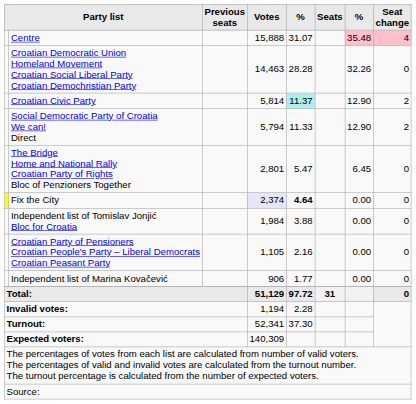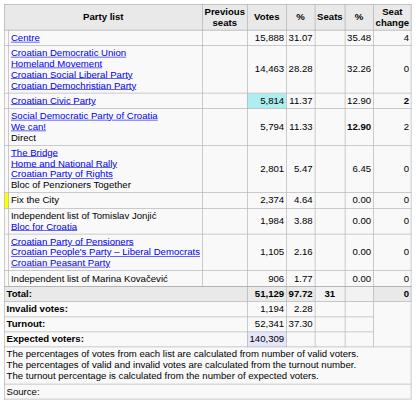 <table class="wikitable" border="1">
 <tr style="background-color:#C9C9C9">
 <th colspan="2" align="center" style="background-color:#E9E9E9">Party list</th>
 <th align="center" style="background-color:#E9E9E9">Previous<br>seats</th>
 <th align="center" style="background-color:#E9E9E9">Votes</th>
 <th align="center" style="background-color:#E9E9E9">%</th>
 <th align="center" style="background-color:#E9E9E9">Seats</th>
 <th align="center" style="background-color:#E9E9E9">%</th>
 <th align="center" style="background-color:#E9E9E9">Seat<br>change</th>
 </tr>
 <tr>
 <td></td>
 <td align="left"><a href='#'>Centre</a></td>
 <td align="left"></td>
 <td align="right">15,888</td>
 <td align="right">31.07</td>
 <td align="left"></td>
-<td align="right" style="background: pink;">35.48</td>
-<td align="right" style="background: pink;"> 4</td>
+<td align="right">35.48</td>
+<td align="right"> 4</td>
 </tr>
 <tr>
 <td></td>
 <td align="left"><a href='#'>Croatian Democratic Union</a> <br> <a href='#'>Homeland Movement</a> <br><a href='#'>Croatian Social Liberal Party</a> <br> <a href='#'>Croatian Demochristian Party</a></td>
 <td align="left"></td>
 <td align="right">14,463</td>
 <td align="right">28.28</td>
 <td align="left"></td>
 <td align="right">32.26</td>
 <td align="right"> 0</td>
 </tr>
 <tr>
 <td></td>
 <td align="left"><a href='#'>Croatian Civic Party</a></td>
 <td align="left"></td>
-<td align="right">5,814</td>
-<td align="right" style="background: paleturquoise;">11.37</td>
+<td align="right" style="background: paleturquoise;">5,814</td>
+<td align="right">11.37</td>
 <td align="left"></td>
 <td align="right">12.90</td>
-<td align="right"> 2</td>
+<td align="right"><strong> 2</strong></td>
 </tr>
 <tr>
 <td></td>
 <td align="left"><a href='#'>Social Democratic Party of Croatia</a> <br> <a href='#'>We can!</a> <br> Direct</td>
 <td align="left"></td>
 <td align="right">5,794</td>
 <td align="right">11.33</td>
 <td align="left"></td>
-<td align="right">12.90</td>
+<td align="right"><strong>12.90</strong></td>
 <td align="right"> 2</td>
 </tr>
 <tr>
 <td></td>
 <td align="left"><a href='#'>The Bridge</a> <br> <a href='#'>Home and National Rally</a> <br> <a href='#'>Croatian Party of Rights</a> <br> Bloc of Penzioners Together</td>
 <td align="left"></td>
 <td align="right">2,801</td>
 <td align="right">5.47</td>
 <td align="left"></td>
 <td align="right">6.45</td>
 <td align="right"> 0</td>
 </tr>
 <tr>
 <td bgcolor="yellow"></td>
 <td align="left">Fix the City</td>
 <td align="left"></td>
-<td align="right" style="background: lavender;">2,374</td>
-<td align="right"><strong>4.64</strong></td>
+<td align="right">2,374</td>
+<td align="right">4.64</td>
 <td align="left"></td>
 <td align="right">0.00</td>
 <td align="right"> 0</td>
 </tr>
 <tr>
 <td></td>
 <td align="left">Independent list of Tomislav Jonjić <br> <a href='#'>Bloc for Croatia</a></td>
 <td align="left"></td>
 <td align="right">1,984</td>
 <td align="right">3.88</td>
 <td align="left"></td>
 <td align="right">0.00</td>
 <td align="right"> 0</td>
 </tr>
 <tr>
 <td></td>
 <td align="left"><a href='#'>Croatian Party of Pensioners</a> <br> <a href='#'>Croatian People's Party – Liberal Democrats</a> <br><a href='#'>Croatian Peasant Party</a></td>
 <td align="left"></td>
 <td align="right">1,105</td>
 <td align="right">2.16</td>
 <td align="left"></td>
 <td align="right">0.00</td>
 <td align="right"> 0</td>
 </tr>
 <tr>
 <td></td>
 <td align="left">Independent list of Marina Kovačević</td>
 <td align="left"></td>
 <td align="right">906</td>
 <td align="right">1.77</td>
 <td align="left"></td>
 <td align="right">0.00</td>
 <td align="right"> 0</td>
 </tr>
 <tr>
 </tr>
 <tr style="background-color:#E9E9E9">
 <td colspan="3" align="left"><strong>Total:</strong></td>
 <td align="right"><strong>51,129</strong></td>
 <td align="right"><strong>97.72</strong></td>
 <th align="right">31</th>
 <th align="right"></th>
 <td align="right"> <strong>0</strong></td>
 </tr>
 <tr>
 <td colspan="3" align="left"><strong>Invalid votes:</strong></td>
 <td align="right">1,194</td>
 <td align="right">2.28</td>
 <td align="right"></td>
 <td align="right"></td>
 </tr>
 <tr>
 <td colspan="3" align="left"><strong>Turnout:</strong></td>
 <td align="right">52,341</td>
 <td align="right">37.30</td>
 <td align="right"></td>
 <td align="right"></td>
 </tr>
 <tr>
 <td colspan="3" align="left"><strong>Expected voters:</strong></td>
-<td align="right">140,309</td>
+<td align="right" style="background: lavender;">140,309</td>
 <td align="right"></td>
 <td align="right"></td>
 <td align="right"></td>
 </tr>
 <tr>
 <td colspan="8" align="left">The percentages of votes from each list are calculated from number of valid voters. <br> The percentages of valid and invalid votes are calculated from the turnout number. <br> The turnout percentage is calculated from the number of expected voters.</td>
 </tr>
 <tr>
 <td colspan="8" align="left">Source:</td>
 </tr>
 </table>
